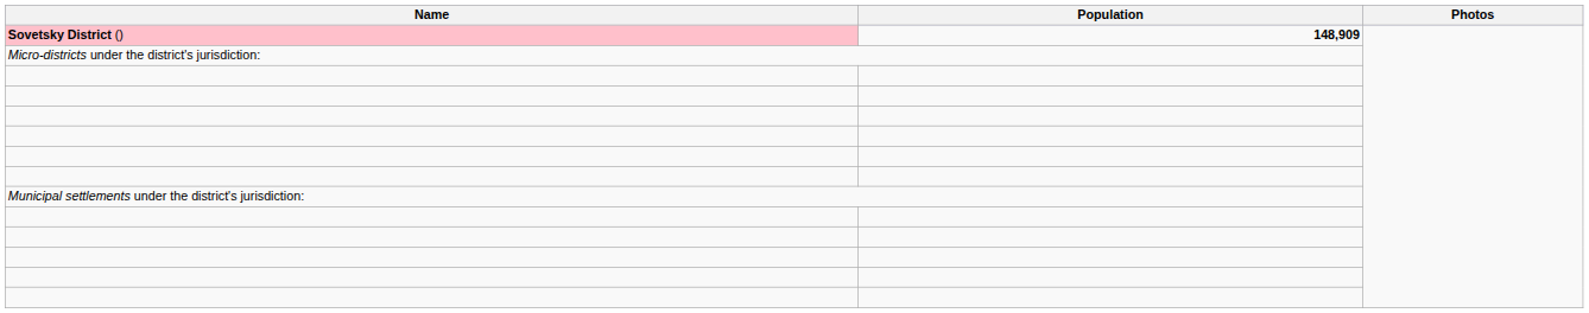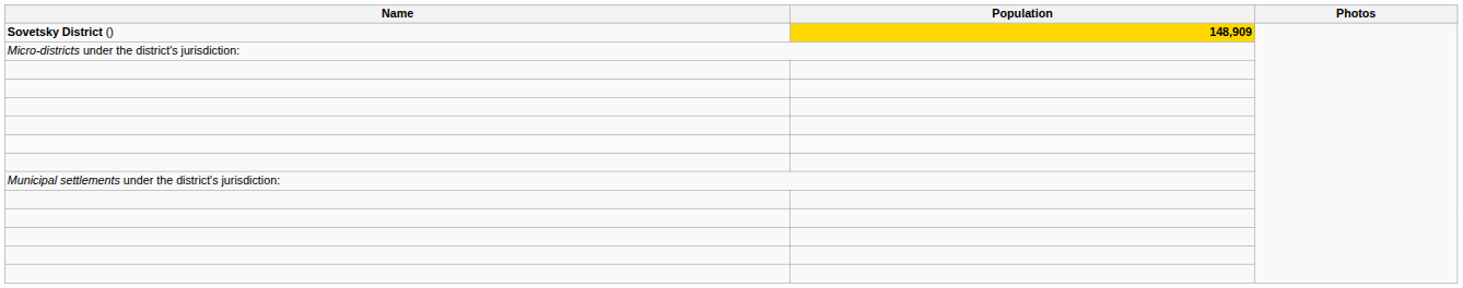 <table width=100% class="wikitable">
 <tr bgcolor="#CCCCFF" align="left">
 <th>Name</th>
 <th>Population</th>
 <th>Photos</th>
 </tr>
 <tr valign="top">
-<td style="background: pink;"><strong>Sovetsky District</strong> ()</td>
-<td align="right"><strong>148,909</strong></td>
+<td><strong>Sovetsky District</strong> ()</td>
+<td align="right" style="background: gold;"><strong>148,909</strong></td>
 <td rowspan=14></td>
 </tr>
 <tr valign="top">
 <td colspan=2><em>Micro-districts</em> under the district's jurisdiction:</td>
 </tr>
 <tr>
 <td><br></td>
 <td align="right"></td>
 </tr>
 <tr>
 <td><br></td>
 <td align="right"></td>
 </tr>
 <tr>
 <td><br></td>
 <td align="right"></td>
 </tr>
 <tr>
 <td><br></td>
 <td align="right"></td>
 </tr>
 <tr>
 <td><br></td>
 <td align="right"></td>
 </tr>
 <tr>
 <td><br></td>
 <td align="right"></td>
 </tr>
 <tr valign="top">
 <td colspan=2><em>Municipal settlements</em> under the district's jurisdiction:</td>
 </tr>
 <tr>
 <td><br></td>
 <td align="right"></td>
 </tr>
 <tr>
 <td><br></td>
 <td align="right"></td>
 </tr>
 <tr>
 <td><br></td>
 <td align="right"></td>
 </tr>
 <tr>
 <td><br></td>
 <td align="right"></td>
 </tr>
 <tr>
 <td><br></td>
 <td align="right"></td>
 </tr>
 </table>
